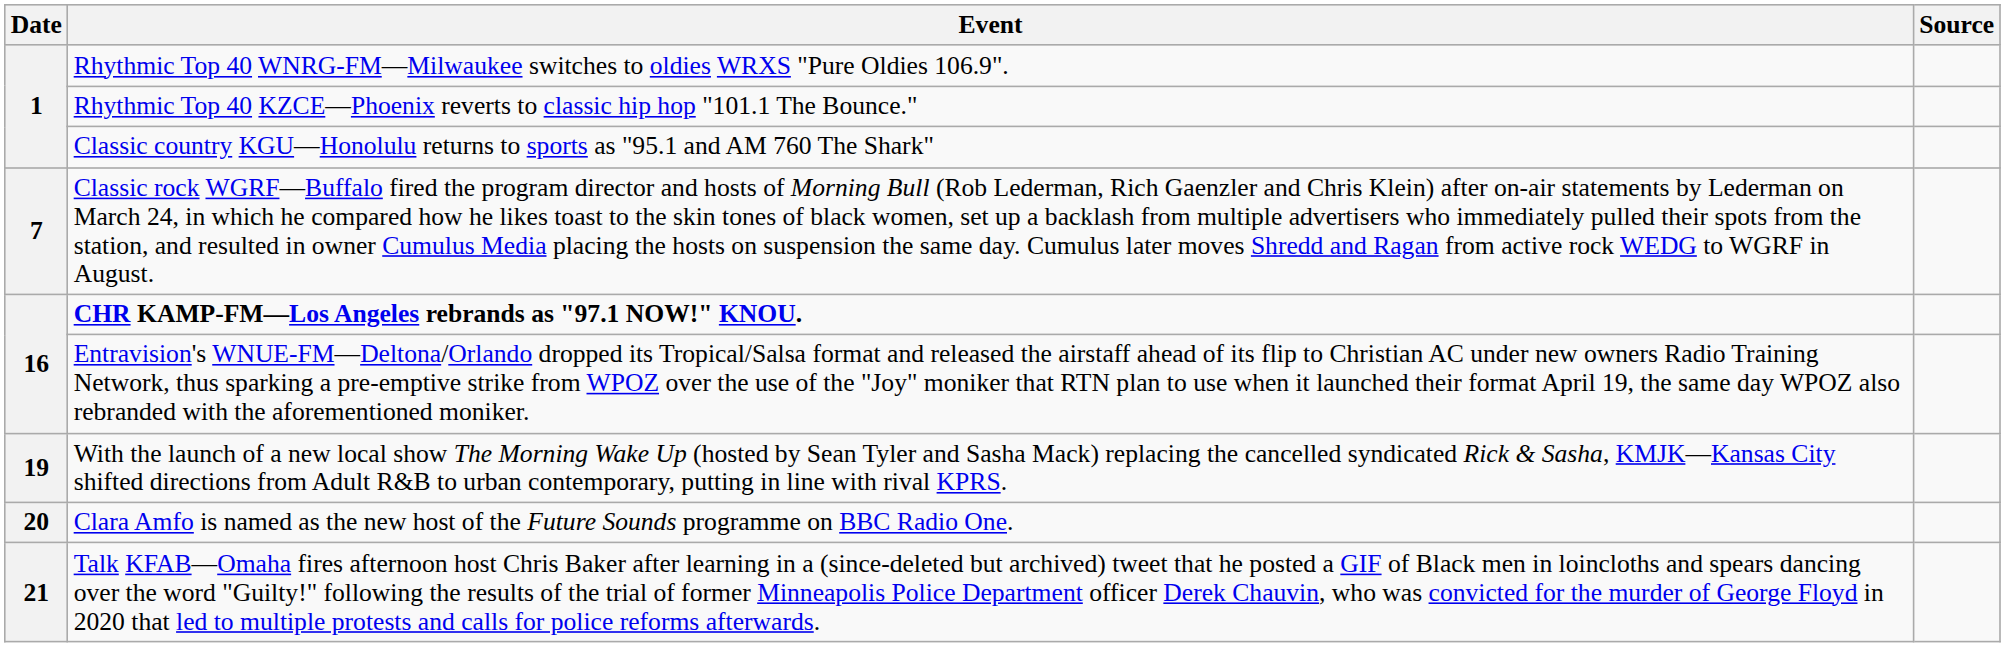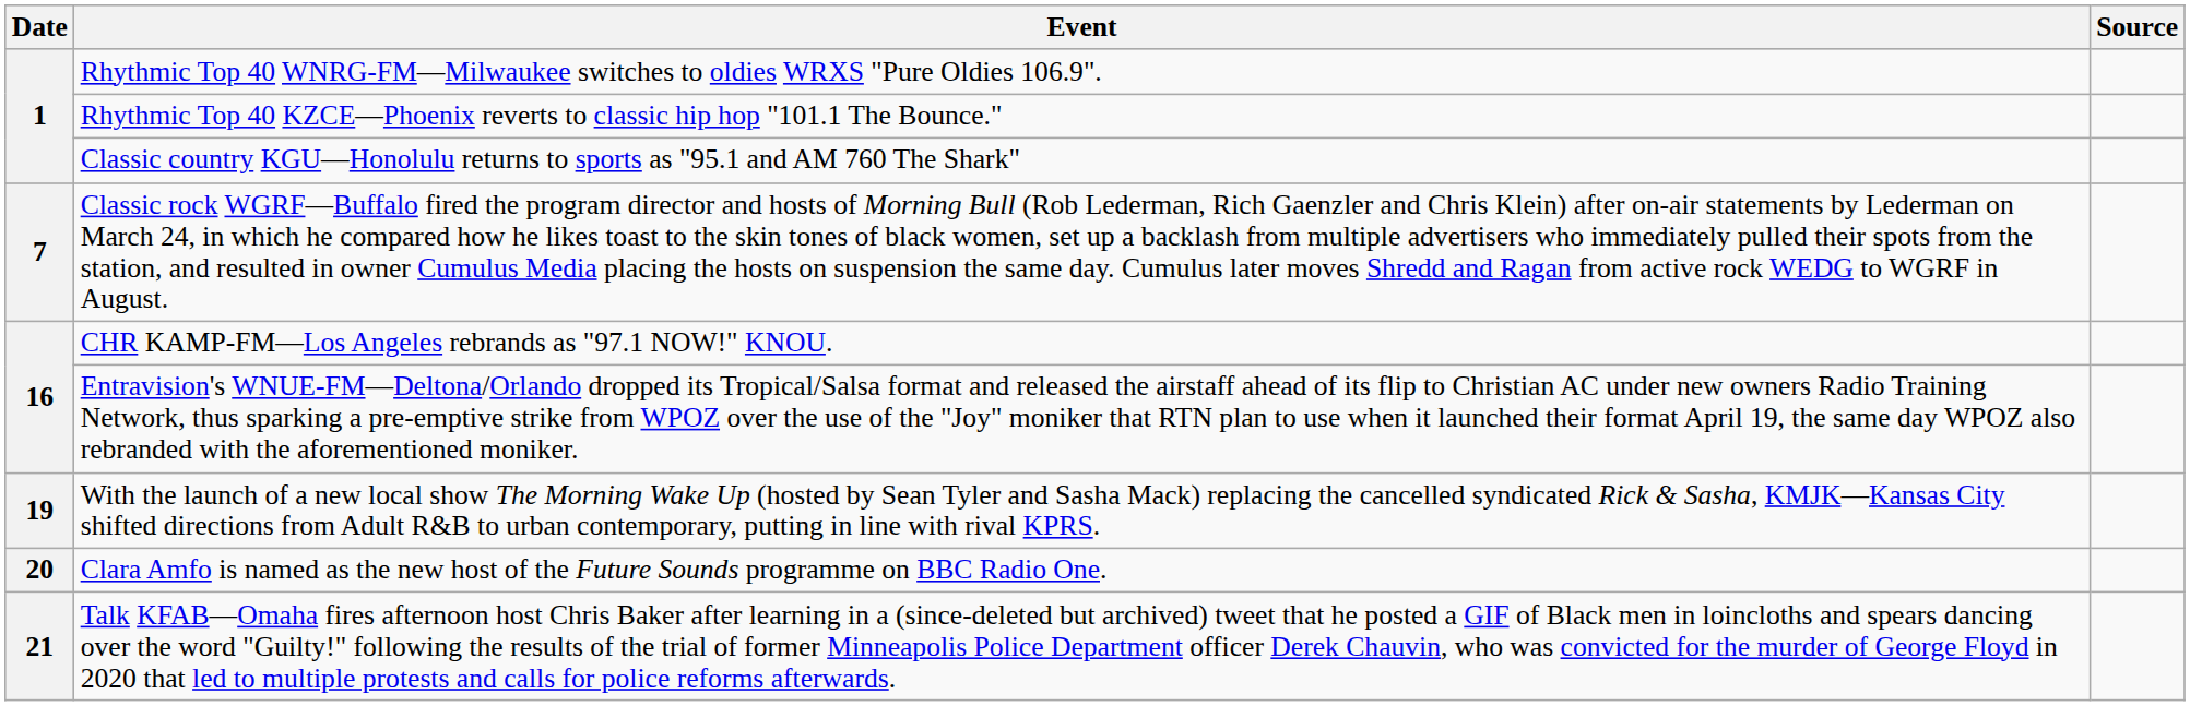 <table class=wikitable>
 <tr>
 <th>Date</th>
 <th>Event</th>
 <th>Source</th>
 </tr>
 <tr>
 <th rowspan=3>1</th>
 <td><a href='#'>Rhythmic Top 40</a> <a href='#'>WNRG-FM</a>—<a href='#'>Milwaukee</a> switches to <a href='#'>oldies</a> <a href='#'>WRXS</a> "Pure Oldies 106.9".</td>
 <td></td>
 </tr>
 <tr>
 <td><a href='#'>Rhythmic Top 40</a> <a href='#'>KZCE</a>—<a href='#'>Phoenix</a> reverts to <a href='#'>classic hip hop</a> "101.1 The Bounce."</td>
 <td></td>
 </tr>
 <tr>
 <td><a href='#'>Classic country</a> <a href='#'>KGU</a>—<a href='#'>Honolulu</a> returns to <a href='#'>sports</a> as "95.1 and AM 760 The Shark"</td>
 <td></td>
 </tr>
 <tr>
 <th>7</th>
 <td><a href='#'>Classic rock</a> <a href='#'>WGRF</a>—<a href='#'>Buffalo</a> fired the program director and hosts of <em>Morning Bull</em> (Rob Lederman, Rich Gaenzler and Chris Klein) after on-air statements by Lederman on March 24, in which he compared how he likes toast to the skin tones of black women, set up a backlash from multiple advertisers who immediately pulled their spots from the station, and resulted in owner <a href='#'>Cumulus Media</a> placing the hosts on suspension the same day. Cumulus later moves <a href='#'>Shredd and Ragan</a> from active rock <a href='#'>WEDG</a> to WGRF in August.</td>
 <td></td>
 </tr>
 <tr>
 <th rowspan=2>16</th>
-<td><strong><a href='#'>CHR</a> KAMP-FM—<a href='#'>Los Angeles</a> rebrands as "97.1 NOW!" <a href='#'>KNOU</a>.</strong></td>
+<td><a href='#'>CHR</a> KAMP-FM—<a href='#'>Los Angeles</a> rebrands as "97.1 NOW!" <a href='#'>KNOU</a>.</td>
 <td></td>
 </tr>
 <tr>
 <td><a href='#'>Entravision</a>'s <a href='#'>WNUE-FM</a>—<a href='#'>Deltona</a>/<a href='#'>Orlando</a> dropped its Tropical/Salsa format and released the airstaff ahead of its flip to Christian AC under new owners Radio Training Network, thus sparking a pre-emptive strike from <a href='#'>WPOZ</a> over the use of the "Joy" moniker that RTN plan to use when it launched their format April 19, the same day WPOZ also rebranded with the aforementioned moniker.</td>
 <td></td>
 </tr>
 <tr>
 <th>19</th>
 <td>With the launch of a new local show <em>The Morning Wake Up</em> (hosted by Sean Tyler and Sasha Mack) replacing the cancelled syndicated <em>Rick & Sasha</em>, <a href='#'>KMJK</a>—<a href='#'>Kansas City</a> shifted directions from Adult R&B to urban contemporary, putting in line with rival <a href='#'>KPRS</a>.</td>
 <td></td>
 </tr>
 <tr>
 <th>20</th>
 <td><a href='#'>Clara Amfo</a> is named as the new host of the <em>Future Sounds</em> programme on <a href='#'>BBC Radio One</a>.</td>
 <td></td>
 </tr>
 <tr>
 <th>21</th>
 <td><a href='#'>Talk</a> <a href='#'>KFAB</a>—<a href='#'>Omaha</a> fires afternoon host Chris Baker after learning in a (since-deleted but archived) tweet that he posted a <a href='#'>GIF</a> of Black men in loincloths and spears dancing over the word "Guilty!" following the results of the trial of former <a href='#'>Minneapolis Police Department</a> officer <a href='#'>Derek Chauvin</a>, who was <a href='#'>convicted for the murder of George Floyd</a> in 2020 that <a href='#'>led to multiple protests and calls for police reforms afterwards</a>.</td>
 <td></td>
 </tr>
 </table>
